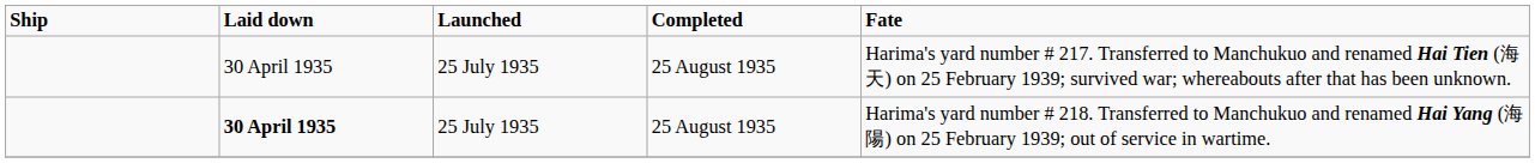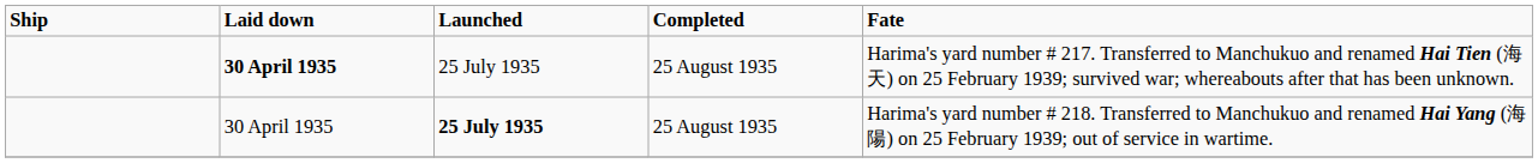 <table class="wikitable">
 <tr>
 <td width="8%"><strong>Ship</strong></td>
 <td width="8%"><strong>Laid down</strong></td>
 <td width="8%"><strong>Launched</strong></td>
 <td width="8%"><strong>Completed</strong></td>
 <td width="25%"><strong>Fate</strong></td>
 </tr>
 <tr>
 <td></td>
-<td>30 April 1935</td>
+<td><strong>30 April 1935</strong></td>
 <td>25 July 1935</td>
 <td>25 August 1935</td>
 <td>Harima's yard number # 217. Transferred to Manchukuo and renamed <strong><em>Hai Tien</em></strong> (海天) on 25 February 1939; survived war; whereabouts after that has been unknown.</td>
 </tr>
 <tr>
 <td></td>
-<td><strong>30 April 1935</strong></td>
-<td>25 July 1935</td>
+<td>30 April 1935</td>
+<td><strong>25 July 1935</strong></td>
 <td>25 August 1935</td>
 <td>Harima's yard number # 218. Transferred to Manchukuo and renamed <strong><em>Hai Yang</em></strong> (海陽) on 25 February 1939; out of service in wartime.</td>
 </tr>
 <tr>
 </tr>
 </table>
